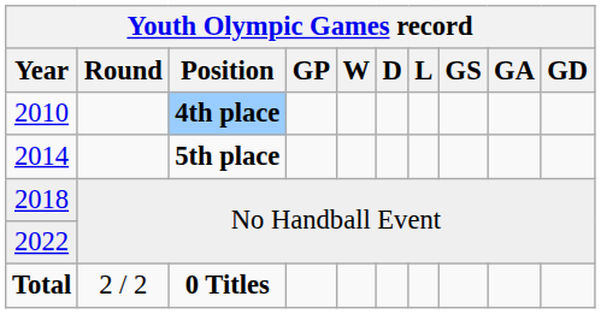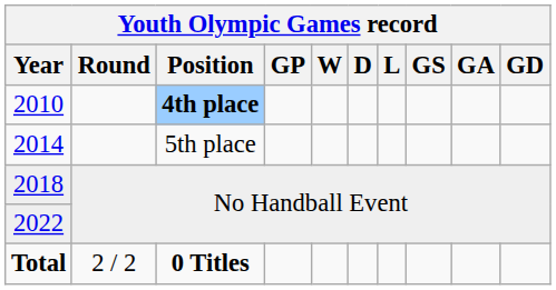 <table class="wikitable" style="text-align: center;">
 <tr>
 <th colspan=10><a href='#'>Youth Olympic Games</a> record</th>
 </tr>
 <tr>
 <th>Year</th>
 <th>Round</th>
 <th>Position</th>
 <th>GP</th>
 <th>W</th>
 <th>D</th>
 <th>L</th>
 <th>GS</th>
 <th>GA</th>
 <th>GD</th>
 </tr>
 <tr bgcolor=>
 <td> <a href='#'>2010</a></td>
 <td></td>
 <td bgcolor=9acdff><strong>4th place</strong></td>
 <td></td>
 <td></td>
 <td></td>
 <td></td>
 <td></td>
 <td></td>
 <td></td>
 </tr>
 <tr bgcolor=>
 <td> <a href='#'>2014</a></td>
 <td></td>
-<td><strong>5th place</strong></td>
+<td>5th place</td>
 <td></td>
 <td></td>
 <td></td>
 <td></td>
 <td></td>
 <td></td>
 <td></td>
 </tr>
 <tr bgcolor="efefef">
 <td> <a href='#'>2018</a></td>
 <td colspan=10 rowspan=2>No Handball Event</td>
 </tr>
 <tr bgcolor="efefef">
 <td> <a href='#'>2022</a></td>
 </tr>
 <tr>
 <td><strong>Total</strong></td>
 <td>2 / 2</td>
 <td><strong>0 Titles</strong></td>
 <td></td>
 <td></td>
 <td></td>
 <td></td>
 <td></td>
 <td></td>
 <td></td>
 </tr>
 </table>
